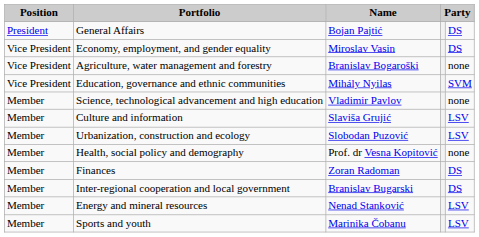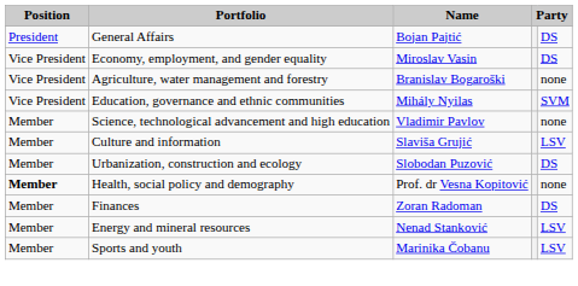 <table class="wikitable">
 <tr>
 <th colspan="1" style="background-color:#CCCCCC;">Position</th>
 <th colspan="1" style="background-color:#CCCCCC;">Portfolio</th>
 <th colspan="1" style="background-color:#CCCCCC;">Name</th>
 <th colspan="2" style="background-color:#CCCCCC;">Party</th>
 </tr>
 <tr>
 <td><a href='#'>President</a></td>
 <td>General Affairs</td>
 <td><a href='#'>Bojan Pajtić</a></td>
 <th style="background:"></th>
 <td><a href='#'>DS</a></td>
 </tr>
 <tr>
 <td>Vice President</td>
 <td>Economy, employment, and gender equality</td>
 <td><a href='#'>Miroslav Vasin</a></td>
 <th style="background:"></th>
 <td><a href='#'>DS</a></td>
 </tr>
 <tr>
 <td>Vice President</td>
 <td>Agriculture, water management and forestry</td>
 <td><a href='#'>Branislav Bogaroški</a></td>
 <th style="background:"></th>
 <td>none</td>
 </tr>
 <tr>
 <td>Vice President</td>
 <td>Education, governance and ethnic communities</td>
 <td><a href='#'>Mihály Nyilas</a></td>
 <th style="background:"></th>
 <td><a href='#'>SVM</a></td>
 </tr>
 <tr>
 <td>Member</td>
 <td>Science, technological advancement and high education</td>
 <td><a href='#'>Vladimir Pavlov</a></td>
 <th style="background:"></th>
 <td>none</td>
 </tr>
 <tr>
 <td>Member</td>
 <td>Culture and information</td>
 <td><a href='#'>Slaviša Grujić</a></td>
 <th style="background:"></th>
 <td><a href='#'>LSV</a></td>
 </tr>
 <tr>
 <td>Member</td>
 <td>Urbanization, construction and ecology</td>
 <td><a href='#'>Slobodan Puzović</a></td>
 <th style="background:"></th>
-<td><a href='#'>LSV</a></td>
+<td><a href='#'>DS</a></td>
 </tr>
 <tr>
-<td>Member</td>
+<td><strong>Member</strong></td>
 <td>Health, social policy and demography</td>
 <td>Prof. dr <a href='#'>Vesna Kopitović</a></td>
 <th style="background:"></th>
 <td>none</td>
 </tr>
 <tr>
 <td>Member</td>
 <td>Finances</td>
 <td><a href='#'>Zoran Radoman</a></td>
-<th style="background:"></th>
-<td><a href='#'>DS</a></td>
-</tr>
-<tr>
-<td>Member</td>
-<td>Inter-regional cooperation and local government</td>
-<td><a href='#'>Branislav Bugarski</a></td>
 <th style="background:"></th>
 <td><a href='#'>DS</a></td>
 </tr>
 <tr>
 <td>Member</td>
 <td>Energy and mineral resources</td>
 <td><a href='#'>Nenad Stanković</a></td>
 <th style="background:"></th>
 <td><a href='#'>LSV</a></td>
 </tr>
 <tr>
 <td>Member</td>
 <td>Sports and youth</td>
 <td><a href='#'>Marinika Čobanu</a></td>
 <th style="background:"></th>
 <td><a href='#'>LSV</a></td>
 </tr>
 </table>
